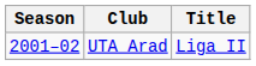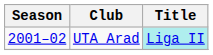 <table class="wikitable">
 <tr>
 <th>Season</th>
 <th>Club</th>
 <th>Title</th>
 </tr>
 <tr>
 <td><a href='#'>2001–02</a></td>
 <td><a href='#'>UTA Arad</a></td>
-<td><a href='#'>Liga II</a></td>
+<td style="background: paleturquoise;"><a href='#'>Liga II</a></td>
 </tr>
 <tr>
 </tr>
 </table>
